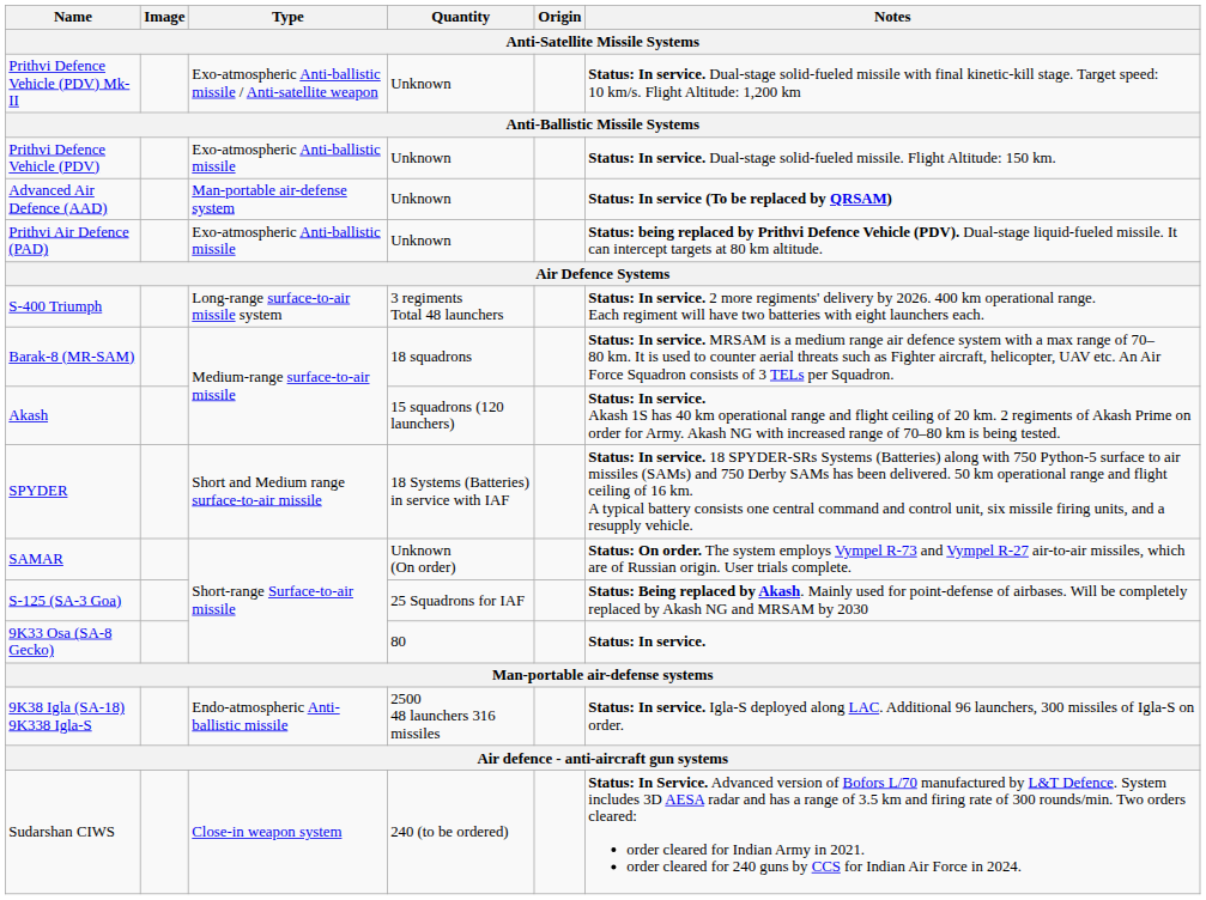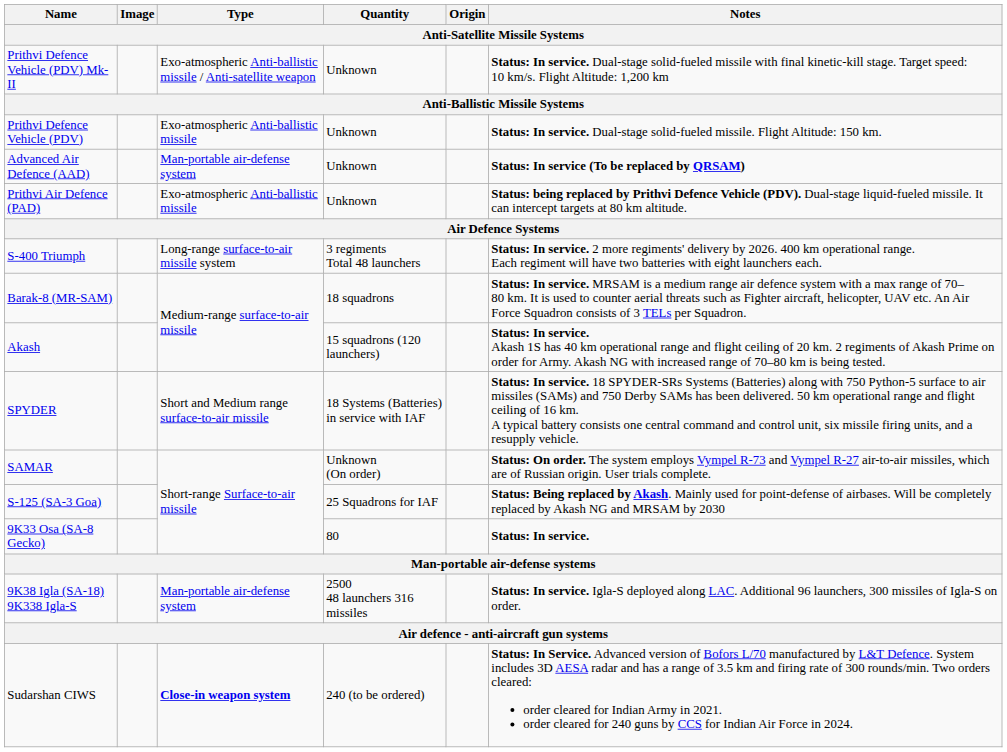 <table class="wikitable sortable">
 <tr>
 <th>Name</th>
 <th>Image</th>
 <th>Type</th>
 <th>Quantity</th>
 <th>Origin</th>
 <th>Notes</th>
 </tr>
 <tr>
 <th colspan="6">Anti-Satellite Missile Systems</th>
 </tr>
 <tr>
 <td><a href='#'>Prithvi Defence Vehicle (PDV) Mk-II</a></td>
 <td></td>
 <td>Exo-atmospheric <a href='#'>Anti-ballistic missile</a> / <a href='#'>Anti-satellite weapon</a></td>
 <td>Unknown</td>
 <td></td>
 <td><strong>Status: In service.</strong> Dual-stage solid-fueled missile with final kinetic-kill stage. Target speed: 10 km/s. Flight Altitude: 1,200 km</td>
 </tr>
 <tr>
 <th colspan="6">Anti-Ballistic Missile Systems</th>
 </tr>
 <tr>
 <td><a href='#'>Prithvi Defence Vehicle (PDV)</a></td>
 <td></td>
 <td>Exo-atmospheric <a href='#'>Anti-ballistic missile</a></td>
 <td>Unknown</td>
 <td></td>
 <td><strong>Status: In service.</strong> Dual-stage solid-fueled missile. Flight Altitude: 150 km.</td>
 </tr>
 <tr>
 <td><a href='#'>Advanced Air Defence (AAD)</a></td>
 <td></td>
 <td><a href='#'>Man-portable air-defense system</a></td>
 <td>Unknown</td>
 <td></td>
 <td><strong>Status: In service (To be replaced by <a href='#'>QRSAM</a>)</strong></td>
 </tr>
 <tr>
 <td><a href='#'>Prithvi Air Defence (PAD)</a></td>
 <td></td>
 <td>Exo-atmospheric <a href='#'>Anti-ballistic missile</a></td>
 <td>Unknown</td>
 <td></td>
 <td><strong>Status: being replaced by Prithvi Defence Vehicle (PDV).</strong> Dual-stage liquid-fueled missile. It can intercept targets at 80 km altitude.</td>
 </tr>
 <tr>
 <th colspan="6">Air Defence Systems</th>
 </tr>
 <tr>
 <td><a href='#'>S-400 Triumph</a></td>
 <td></td>
 <td>Long-range <a href='#'>surface-to-air missile</a> system</td>
 <td>3 regiments<br>Total 48 launchers</td>
 <td></td>
 <td><strong>Status: In service.</strong> 2 more regiments' delivery by  2026. 400 km operational range.<br>Each regiment will have two batteries with eight launchers each.</td>
 </tr>
 <tr>
 <td><a href='#'>Barak-8 (MR-SAM)</a></td>
 <td></td>
 <td rowspan="2">Medium-range <a href='#'>surface-to-air missile</a></td>
 <td>18 squadrons</td>
 <td><br></td>
 <td><strong>Status: In service.</strong> MRSAM is a medium range air defence system with a max range of 70–80 km. It is used to counter aerial threats such as Fighter aircraft, helicopter, UAV etc. An Air Force Squadron consists of 3 <a href='#'>TELs</a> per Squadron.</td>
 </tr>
 <tr>
 <td><a href='#'>Akash</a></td>
 <td></td>
 <td>15 squadrons (120 launchers)</td>
 <td></td>
 <td><strong>Status: In service.</strong><br>Akash 1S has 40 km operational range and flight ceiling of 20 km. 2 regiments of Akash Prime on order for Army. Akash NG with increased range of 70–80 km is being tested.</td>
 </tr>
 <tr>
 <td><a href='#'>SPYDER</a></td>
 <td></td>
 <td>Short and Medium range <a href='#'>surface-to-air missile</a></td>
 <td>18 Systems (Batteries) in service with IAF</td>
 <td></td>
 <td><strong>Status: In service.</strong> 18 SPYDER-SRs Systems (Batteries) along with 750 Python-5 surface to air missiles (SAMs) and 750 Derby SAMs has been delivered. 50 km operational range and flight ceiling of 16 km.<br>A typical battery consists one central command and control unit, six missile firing units, and a resupply vehicle.</td>
 </tr>
 <tr>
 <td><a href='#'>SAMAR</a></td>
 <td></td>
 <td rowspan="3">Short-range <a href='#'>Surface-to-air missile</a></td>
 <td>Unknown<br>(On order)</td>
 <td></td>
 <td><strong>Status: On order.</strong> The system employs <a href='#'>Vympel R-73</a> and <a href='#'>Vympel R-27</a> air-to-air missiles, which are of Russian origin. User trials complete.</td>
 </tr>
 <tr>
 <td><a href='#'>S-125 (SA-3 Goa)</a></td>
 <td></td>
 <td>25 Squadrons for IAF</td>
 <td></td>
 <td><strong>Status: Being replaced by <a href='#'>Akash</a></strong>. Mainly used for point-defense of airbases. Will be completely replaced by Akash NG and MRSAM by 2030</td>
 </tr>
 <tr>
 <td><a href='#'>9K33 Osa (SA-8 Gecko)</a></td>
 <td></td>
 <td>80</td>
 <td></td>
 <td><strong>Status: In service.</strong></td>
 </tr>
 <tr>
 <th colspan="6">Man-portable air-defense systems</th>
 </tr>
 <tr>
 <td><a href='#'>9K38 Igla (SA-18)</a><br><a href='#'>9K338 Igla-S</a></td>
 <td></td>
-<td>Endo-atmospheric <a href='#'>Anti-ballistic missile</a></td>
+<td><a href='#'>Man-portable air-defense system</a></td>
 <td>2500<br>48 launchers 316 missiles</td>
 <td></td>
 <td><strong>Status: In service.</strong> Igla-S deployed along <a href='#'>LAC</a>. Additional 96 launchers, 300 missiles of Igla-S on order.</td>
 </tr>
 <tr>
 <th colspan="6">Air defence - anti-aircraft gun systems</th>
 </tr>
 <tr>
 <td>Sudarshan CIWS</td>
 <td></td>
-<td><a href='#'>Close-in weapon system</a></td>
+<td><strong><a href='#'>Close-in weapon system</a></strong></td>
 <td>240 (to be ordered)</td>
 <td></td>
 <td><strong>Status: In Service.</strong> Advanced version of <a href='#'>Bofors L/70</a> manufactured by <a href='#'>L&T Defence</a>. System includes 3D <a href='#'>AESA</a> radar and has a range of 3.5 km and firing rate of 300 rounds/min. Two orders cleared:<br><ul><li> order cleared for Indian Army in 2021.</li><li> order cleared for 240 guns by <a href='#'>CCS</a> for Indian Air Force in 2024.</li></ul></td>
 </tr>
 </table>
